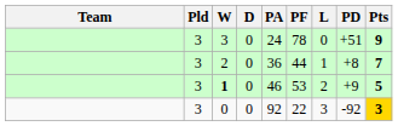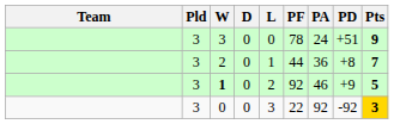 <table class="wikitable" style="text-align:center;">
 <tr>
 <th width="190">Team</th>
 <th width="20" abbr="Played">Pld</th>
 <th width="20" abbr="Won">W</th>
 <th width="20" abbr="Drawn">D</th>
+<th width="20" abbr="Lost">L</th>
+<th width="20" abbr="Points for">PF</th>
 <th width="20" abbr="Points against">PA</th>
-<th width="20" abbr="Points for">PF</th>
-<th width="20" abbr="Lost">L</th>
 <th width="25" abbr="Points difference">PD</th>
 <th width="20" abbr="Points">Pts</th>
 </tr>
 <tr style="background:#ccffcc">
 <td align="left"></td>
 <td>3</td>
 <td>3</td>
 <td>0</td>
+<td>0</td>
+<td>78</td>
 <td>24</td>
-<td>78</td>
-<td>0</td>
 <td>+51</td>
 <td><strong>9</strong></td>
 </tr>
 <tr style="background:#ccffcc">
 <td align="left"></td>
 <td>3</td>
 <td>2</td>
 <td>0</td>
+<td>1</td>
+<td>44</td>
 <td>36</td>
-<td>44</td>
-<td>1</td>
 <td>+8</td>
 <td><strong>7</strong></td>
 </tr>
 <tr style="background:#ccffcc">
 <td align="left"></td>
 <td>3</td>
 <td><strong>1</strong></td>
 <td>0</td>
+<td>2</td>
+<td>92</td>
 <td>46</td>
-<td>53</td>
-<td>2</td>
 <td>+9</td>
 <td><strong>5</strong></td>
 </tr>
 <tr>
 <td align="left"></td>
 <td>3</td>
 <td>0</td>
 <td>0</td>
+<td>3</td>
+<td>22</td>
 <td>92</td>
-<td>22</td>
-<td>3</td>
 <td>-92</td>
 <td style="background: gold;"><strong>3</strong></td>
 </tr>
 </table>
